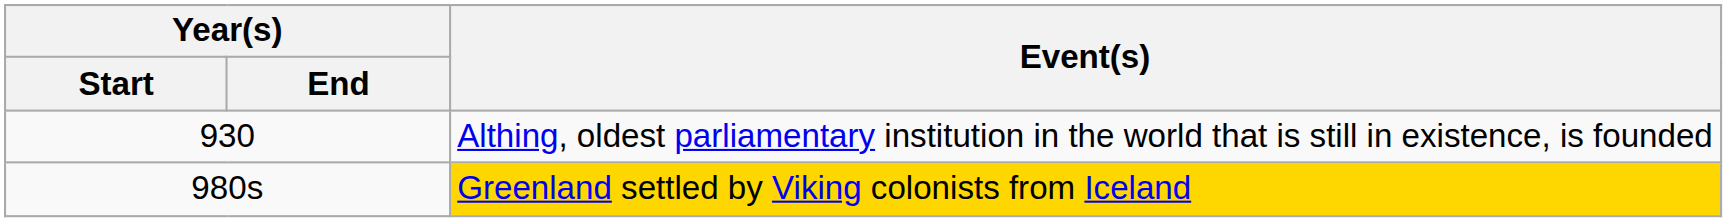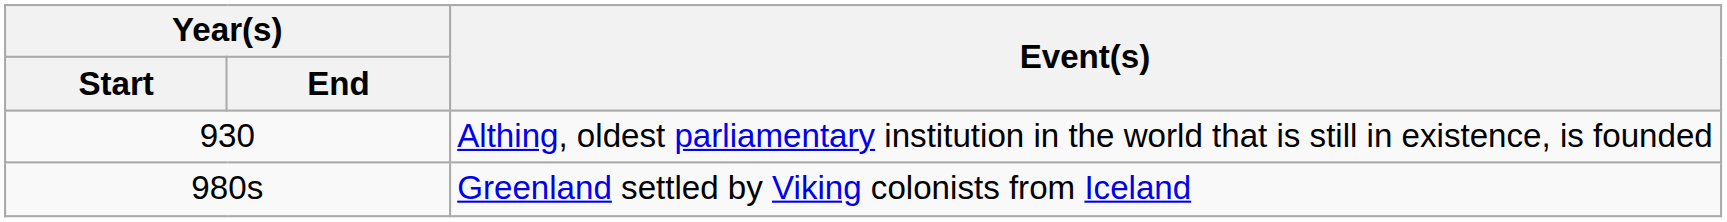 <table class="wikitable">
 <tr>
 <th colspan="2">Year(s)</th>
 <th rowspan="2">Event(s)</th>
 </tr>
 <tr>
 <th style="width:100px;">Start</th>
 <th style="width:100px;">End</th>
 </tr>
 <tr>
 <td colspan="2" style="text-align:center;">930</td>
 <td><a href='#'>Althing</a>, oldest <a href='#'>parliamentary</a> institution in the world that is still in existence, is founded</td>
 </tr>
 <tr>
 <td colspan="2" style="text-align:center;">980s</td>
-<td style="background: gold;"><a href='#'>Greenland</a> settled by <a href='#'>Viking</a> colonists from <a href='#'>Iceland</a></td>
+<td><a href='#'>Greenland</a> settled by <a href='#'>Viking</a> colonists from <a href='#'>Iceland</a></td>
 </tr>
 </table>
